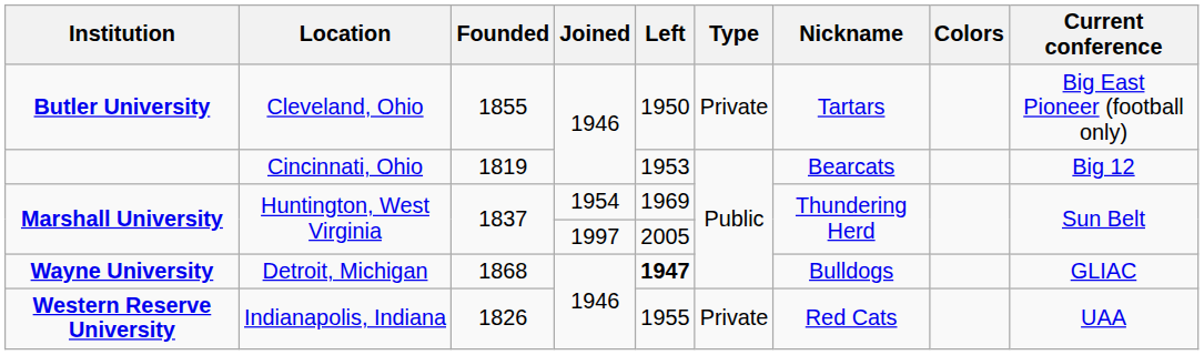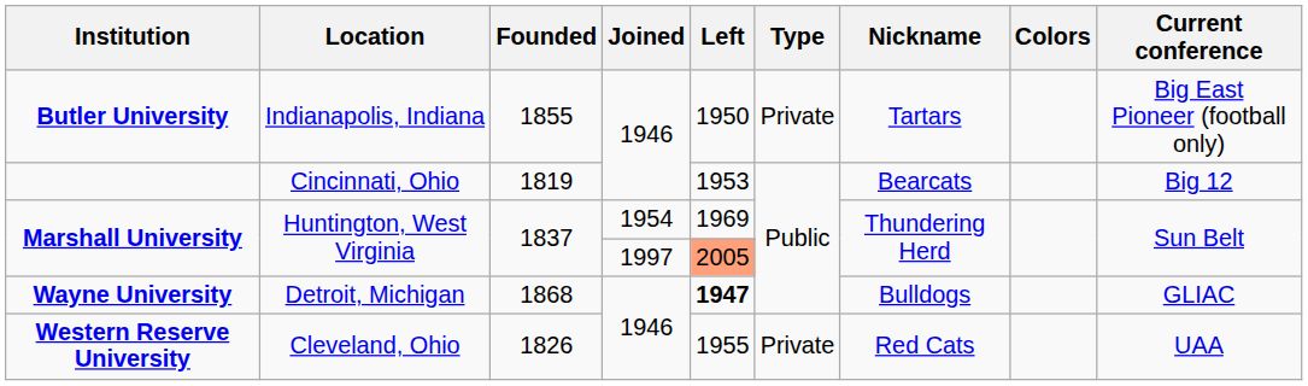 <table class="wikitable sortable" style="text-align: center;">
 <tr>
 <th width=px>Institution</th>
 <th width=px>Location</th>
 <th width=px>Founded</th>
 <th width=px>Joined</th>
 <th width=px>Left</th>
 <th width=px>Type</th>
 <th width=px>Nickname</th>
 <th class="unsortable" ! width=px>Colors</th>
 <th width=px>Current<br>conference</th>
 </tr>
 <tr>
 <td><strong><a href='#'>Butler University</a></strong></td>
-<td><a href='#'>Cleveland, Ohio</a></td>
+<td><a href='#'>Indianapolis, Indiana</a></td>
 <td>1855</td>
 <td rowspan="2">1946</td>
 <td>1950</td>
 <td>Private</td>
 <td><a href='#'>Tartars</a></td>
 <td></td>
 <td><a href='#'>Big East</a><br><a href='#'>Pioneer</a> (football only)</td>
 </tr>
 <tr>
 <td></td>
 <td><a href='#'>Cincinnati, Ohio</a></td>
 <td>1819</td>
 <td>1953</td>
 <td rowspan="4">Public</td>
 <td><a href='#'>Bearcats</a></td>
 <td></td>
 <td><a href='#'>Big 12</a></td>
 </tr>
 <tr>
 <td rowspan="2"><strong><a href='#'>Marshall University</a></strong></td>
 <td rowspan="2"><a href='#'>Huntington, West Virginia</a></td>
 <td rowspan="2">1837</td>
 <td>1954</td>
 <td>1969</td>
 <td rowspan="2"><a href='#'>Thundering Herd</a></td>
 <td rowspan="2"></td>
 <td rowspan="2"><a href='#'>Sun Belt</a></td>
 </tr>
 <tr>
 <td>1997</td>
-<td>2005</td>
+<td style="background: lightsalmon;">2005</td>
 </tr>
 <tr>
 <td><strong><a href='#'>Wayne University</a></strong></td>
 <td><a href='#'>Detroit, Michigan</a></td>
 <td>1868</td>
 <td rowspan="2">1946</td>
 <td><strong>1947</strong></td>
 <td><a href='#'>Bulldogs</a></td>
 <td></td>
 <td><a href='#'>GLIAC</a></td>
 </tr>
 <tr>
 <td><strong><a href='#'>Western Reserve University</a></strong></td>
-<td><a href='#'>Indianapolis, Indiana</a></td>
+<td><a href='#'>Cleveland, Ohio</a></td>
 <td>1826</td>
 <td>1955</td>
 <td>Private</td>
 <td><a href='#'>Red Cats</a></td>
 <td> </td>
 <td><a href='#'>UAA</a></td>
 </tr>
 </table>
